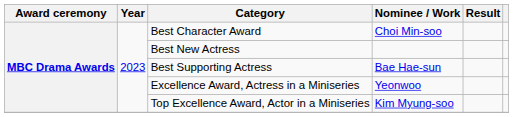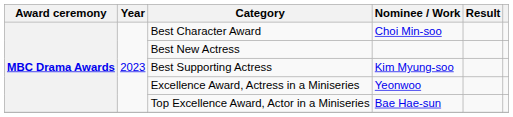 <table class="wikitable plainrowheaders sortable">
 <tr>
 <th scope="col">Award ceremony </th>
 <th scope="col">Year</th>
 <th scope="col">Category </th>
 <th scope="col">Nominee / Work</th>
 <th scope="col">Result</th>
 <th scope="col" class="unsortable"></th>
 </tr>
 <tr>
 <th scope="row" rowspan="5"><a href='#'>MBC Drama Awards</a></th>
 <td rowspan="5" style="text-align:center"><a href='#'>2023</a></td>
 <td>Best Character Award</td>
 <td><a href='#'>Choi Min-soo</a></td>
 <td></td>
 <td style="text-align:center"></td>
 </tr>
 <tr>
 <td>Best New Actress</td>
 <td></td>
 <td></td>
 <td style="text-align:center"></td>
 </tr>
 <tr>
 <td>Best Supporting Actress</td>
-<td><a href='#'>Bae Hae-sun</a></td>
+<td><a href='#'>Kim Myung-soo</a></td>
 <td></td>
 <td style="text-align:center"></td>
 </tr>
 <tr>
 <td>Excellence Award, Actress in a Miniseries</td>
 <td><a href='#'>Yeonwoo</a></td>
 <td></td>
 <td style="text-align:center"></td>
 </tr>
 <tr>
 <td>Top Excellence Award, Actor in a Miniseries</td>
-<td><a href='#'>Kim Myung-soo</a></td>
+<td><a href='#'>Bae Hae-sun</a></td>
 <td></td>
 <td style="text-align:center"></td>
 </tr>
 <tr>
 </tr>
 </table>
